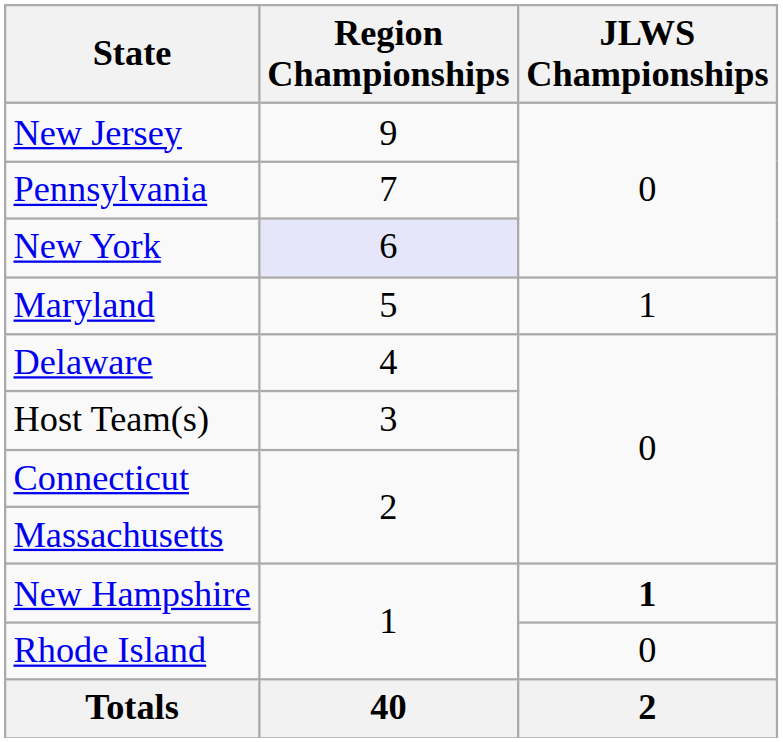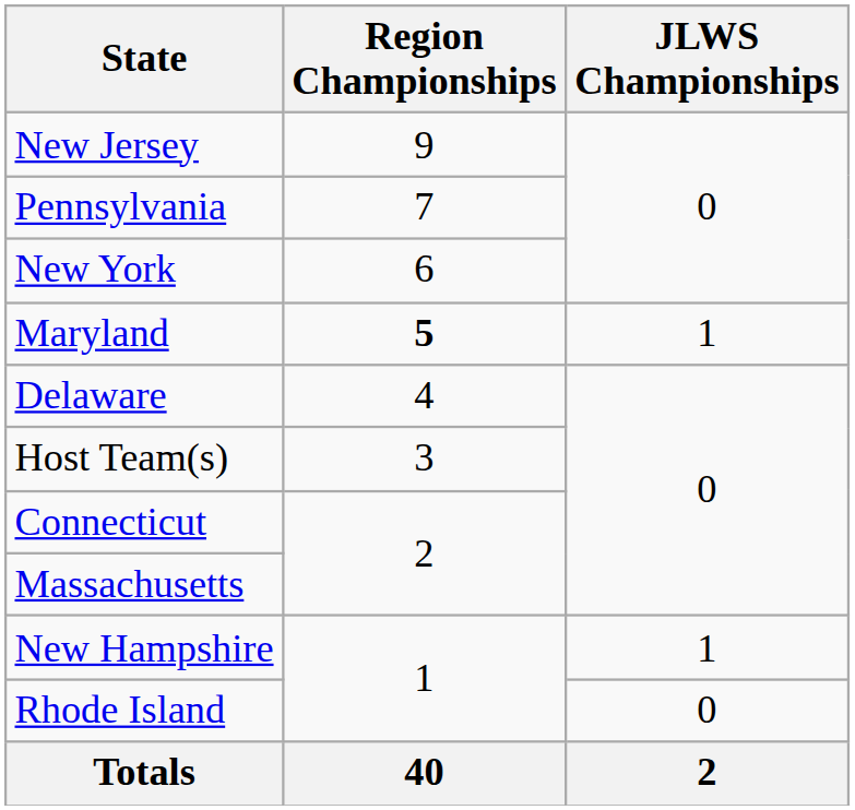 <table class="wikitable">
 <tr>
 <th>State</th>
 <th>Region<br>Championships</th>
 <th>JLWS<br>Championships</th>
 </tr>
 <tr>
 <td> <a href='#'>New Jersey</a></td>
 <td align=center>9</td>
 <td rowspan=3 align="center">0</td>
 </tr>
 <tr>
 <td> <a href='#'>Pennsylvania</a></td>
 <td align="center">7</td>
 </tr>
 <tr>
 <td> <a href='#'>New York</a></td>
-<td align="center" style="background: lavender;">6</td>
+<td align="center">6</td>
 </tr>
 <tr>
 <td> <a href='#'>Maryland</a></td>
-<td align=center>5</td>
+<td align=center><strong>5</strong></td>
 <td align=center>1</td>
 </tr>
 <tr>
 <td> <a href='#'>Delaware</a></td>
 <td align=center>4</td>
 <td align=center rowspan=4>0</td>
 </tr>
 <tr>
 <td> Host Team(s)</td>
 <td align=center>3</td>
 </tr>
 <tr>
 <td> <a href='#'>Connecticut</a></td>
 <td rowspan="2" align="center">2</td>
 </tr>
 <tr>
 <td> <a href='#'>Massachusetts</a></td>
 </tr>
 <tr>
 <td> <a href='#'>New Hampshire</a></td>
 <td align=center rowspan=2>1</td>
-<td align=center><strong>1</strong></td>
+<td align=center>1</td>
 </tr>
 <tr>
 <td> <a href='#'>Rhode Island</a></td>
 <td align=center>0</td>
 </tr>
 <tr>
 <th>Totals</th>
 <th>40</th>
 <th>2</th>
 </tr>
 </table>
